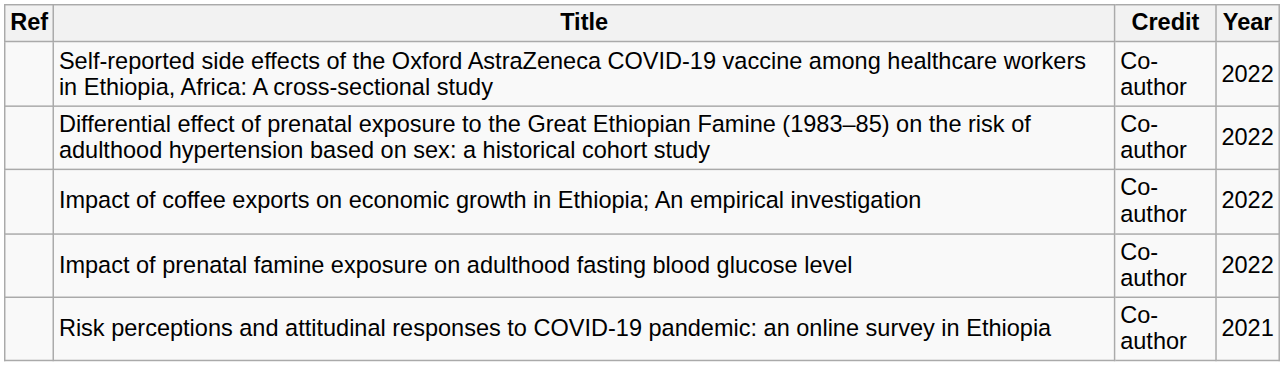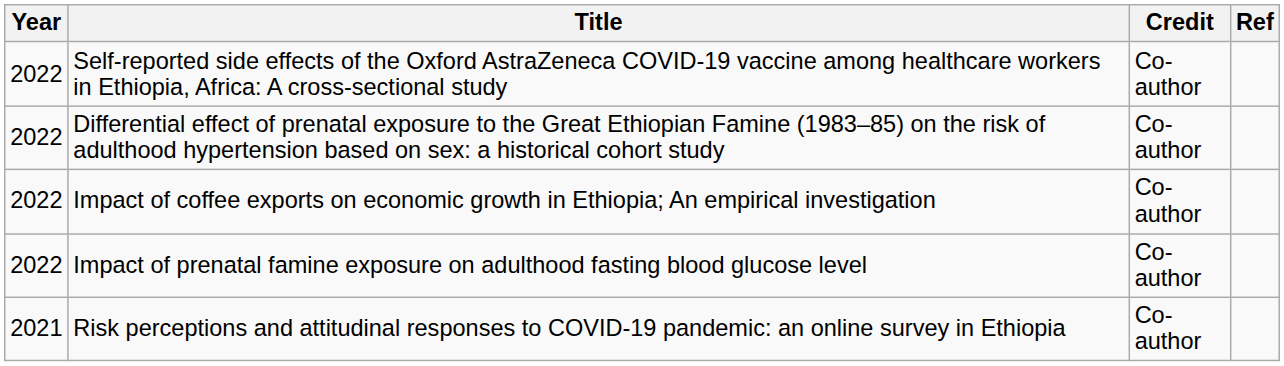 <table class="wikitable">
 <tr>
-<th>Ref</th>
+<th>Year</th>
 <th>Title</th>
 <th>Credit</th>
-<th>Year</th>
+<th>Ref</th>
 </tr>
 <tr>
-<td></td>
+<td>2022</td>
 <td>Self-reported side effects of the Oxford AstraZeneca COVID-19 vaccine among healthcare workers in Ethiopia, Africa: A cross-sectional study</td>
 <td>Co-author</td>
-<td>2022</td>
+<td></td>
 </tr>
 <tr>
-<td></td>
+<td>2022</td>
 <td>Differential effect of prenatal exposure to the Great Ethiopian Famine (1983–85) on the risk of adulthood hypertension based on sex: a historical cohort study</td>
 <td>Co-author</td>
-<td>2022</td>
+<td></td>
 </tr>
 <tr>
-<td></td>
+<td>2022</td>
 <td>Impact of coffee exports on economic growth in Ethiopia; An empirical investigation</td>
 <td>Co-author</td>
-<td>2022</td>
+<td></td>
 </tr>
 <tr>
-<td></td>
+<td>2022</td>
 <td>Impact of prenatal famine exposure on adulthood fasting blood glucose level</td>
 <td>Co-author</td>
-<td>2022</td>
+<td></td>
 </tr>
 <tr>
-<td></td>
+<td>2021</td>
 <td>Risk perceptions and attitudinal responses to COVID-19 pandemic: an online survey in Ethiopia</td>
 <td>Co-author</td>
-<td>2021</td>
+<td></td>
 </tr>
 </table>
